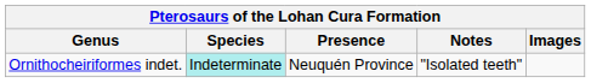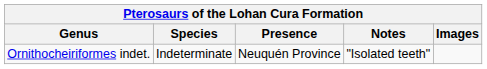 <table class="wikitable" align="center">
 <tr>
 <th colspan="5" align="center"><strong><a href='#'>Pterosaurs</a> of the Lohan Cura Formation</strong></th>
 </tr>
 <tr>
 <th>Genus</th>
 <th>Species</th>
 <th>Presence</th>
 <th>Notes</th>
 <th>Images</th>
 </tr>
 <tr>
 <td><a href='#'>Ornithocheiriformes</a> indet.</td>
-<td style="background: paleturquoise;">Indeterminate</td>
+<td>Indeterminate</td>
 <td>Neuquén Province</td>
 <td>"Isolated teeth"</td>
 <td></td>
 </tr>
 </table>
